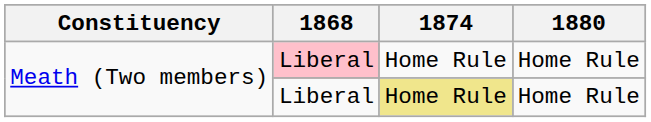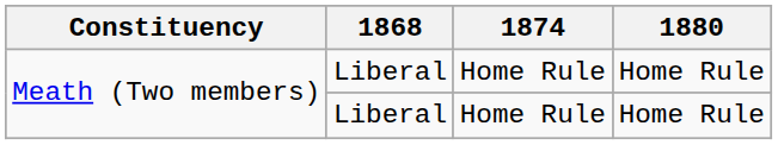 <table class="wikitable">
 <tr>
 <th>Constituency</th>
 <th>1868</th>
 <th>1874</th>
 <th>1880</th>
 </tr>
 <tr>
 <td rowspan="2"><a href='#'>Meath</a> (Two members)</td>
-<td style="background: pink;">Liberal</td>
+<td>Liberal</td>
 <td>Home Rule</td>
 <td>Home Rule</td>
 </tr>
 <tr>
 <td>Liberal</td>
-<td style="background: khaki;">Home Rule</td>
+<td>Home Rule</td>
 <td>Home Rule</td>
 </tr>
 </table>
